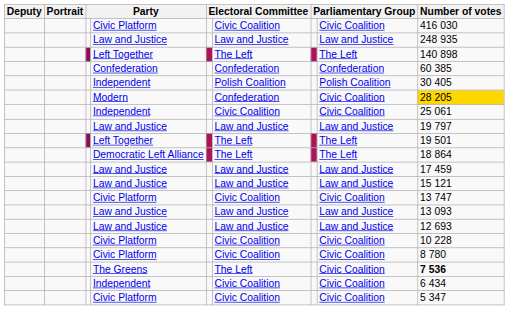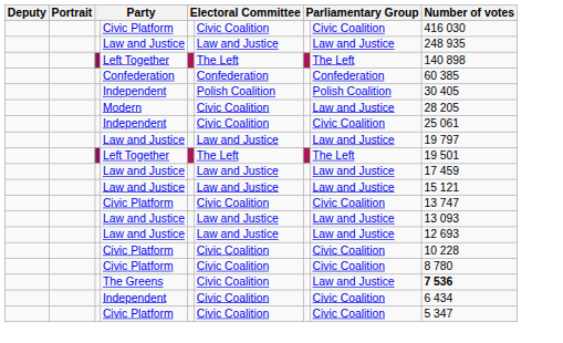 <table class="wikitable sortable" style="font-size:95%;line-height:14px;">
 <tr>
 <th>Deputy</th>
 <th>Portrait</th>
 <th colspan="2">Party</th>
 <th colspan="2">Electoral Committee</th>
 <th colspan="2">Parliamentary Group</th>
 <th>Number of votes</th>
 </tr>
 <tr>
 <td></td>
 <td></td>
 <td style="background:"></td>
 <td><a href='#'>Civic Platform</a></td>
 <td style="background:"></td>
 <td><a href='#'>Civic Coalition</a></td>
 <td style="background:"></td>
 <td><a href='#'>Civic Coalition</a></td>
 <td>416 030</td>
 </tr>
 <tr>
 <td></td>
 <td></td>
 <td style="background:"></td>
 <td><a href='#'>Law and Justice</a></td>
 <td style="background:"></td>
 <td><a href='#'>Law and Justice</a></td>
 <td style="background:"></td>
 <td><a href='#'>Law and Justice</a></td>
 <td>248 935</td>
 </tr>
 <tr>
 <td></td>
 <td></td>
 <td style="background:#870f57;"></td>
 <td><a href='#'>Left Together</a></td>
 <td style="background:#AC145A;"></td>
 <td><a href='#'>The Left</a></td>
 <td style="background:#AC145A;"></td>
 <td><a href='#'>The Left</a></td>
 <td>140 898</td>
 </tr>
 <tr>
 <td></td>
 <td></td>
 <td style="background:"></td>
 <td><a href='#'>Confederation</a></td>
 <td style="background:"></td>
 <td><a href='#'>Confederation</a></td>
 <td style="background:"></td>
 <td><a href='#'>Confederation</a></td>
 <td>60 385</td>
 </tr>
 <tr>
 <td></td>
 <td></td>
 <td style="background:"></td>
 <td><a href='#'>Independent</a></td>
 <td style="background:"></td>
 <td><a href='#'>Polish Coalition</a></td>
 <td style="background:"></td>
 <td><a href='#'>Polish Coalition</a></td>
 <td>30 405</td>
 </tr>
 <tr>
 <td></td>
 <td></td>
 <td style="background:"></td>
 <td><a href='#'>Modern</a></td>
 <td style="background:"></td>
-<td><a href='#'>Confederation</a></td>
+<td><a href='#'>Civic Coalition</a></td>
 <td style="background:"></td>
-<td><a href='#'>Civic Coalition</a></td>
-<td style="background: gold;">28 205</td>
+<td><a href='#'>Law and Justice</a></td>
+<td>28 205</td>
 </tr>
 <tr>
 <td></td>
 <td></td>
 <td style="background:"></td>
 <td><a href='#'>Independent</a></td>
 <td style="background:"></td>
 <td><a href='#'>Civic Coalition</a></td>
 <td style="background:"></td>
 <td><a href='#'>Civic Coalition</a></td>
 <td>25 061</td>
 </tr>
 <tr>
 <td></td>
 <td></td>
 <td style="background:"></td>
 <td><a href='#'>Law and Justice</a></td>
 <td style="background:"></td>
 <td><a href='#'>Law and Justice</a></td>
 <td style="background:"></td>
 <td><a href='#'>Law and Justice</a></td>
 <td>19 797</td>
 </tr>
 <tr>
 <td></td>
 <td></td>
 <td style="background:#870f57;"></td>
 <td><a href='#'>Left Together</a></td>
 <td style="background:#AC145A;"></td>
 <td><a href='#'>The Left</a></td>
 <td style="background:#AC145A;"></td>
 <td><a href='#'>The Left</a></td>
 <td>19 501</td>
-</tr>
-<tr>
-<td></td>
-<td></td>
-<td style="background:"></td>
-<td><a href='#'>Democratic Left Alliance</a></td>
-<td style="background:#AC145A;"></td>
-<td><a href='#'>The Left</a></td>
-<td style="background:#AC145A;"></td>
-<td><a href='#'>The Left</a></td>
-<td>18 864</td>
 </tr>
 <tr>
 <td></td>
 <td></td>
 <td style="background:"></td>
 <td><a href='#'>Law and Justice</a></td>
 <td style="background:"></td>
 <td><a href='#'>Law and Justice</a></td>
 <td style="background:"></td>
 <td><a href='#'>Law and Justice</a></td>
 <td>17 459</td>
 </tr>
 <tr>
 <td></td>
 <td></td>
 <td style="background:"></td>
 <td><a href='#'>Law and Justice</a></td>
 <td style="background:"></td>
 <td><a href='#'>Law and Justice</a></td>
 <td style="background:"></td>
 <td><a href='#'>Law and Justice</a></td>
 <td>15 121</td>
 </tr>
 <tr>
 <td></td>
 <td></td>
 <td style="background:"></td>
 <td><a href='#'>Civic Platform</a></td>
 <td style="background:"></td>
 <td><a href='#'>Civic Coalition</a></td>
 <td style="background:"></td>
 <td><a href='#'>Civic Coalition</a></td>
 <td>13 747</td>
 </tr>
 <tr>
 <td></td>
 <td></td>
 <td style="background:"></td>
 <td><a href='#'>Law and Justice</a></td>
 <td style="background:"></td>
 <td><a href='#'>Law and Justice</a></td>
 <td style="background:"></td>
 <td><a href='#'>Law and Justice</a></td>
 <td>13 093</td>
 </tr>
 <tr>
 <td></td>
 <td></td>
 <td style="background:"></td>
 <td><a href='#'>Law and Justice</a></td>
 <td style="background:"></td>
 <td><a href='#'>Law and Justice</a></td>
 <td style="background:"></td>
 <td><a href='#'>Law and Justice</a></td>
 <td>12 693</td>
 </tr>
 <tr>
 <td></td>
 <td></td>
 <td style="background:"></td>
 <td><a href='#'>Civic Platform</a></td>
 <td style="background:"></td>
 <td><a href='#'>Civic Coalition</a></td>
 <td style="background:"></td>
 <td><a href='#'>Civic Coalition</a></td>
 <td>10 228</td>
 </tr>
 <tr>
 <td></td>
 <td></td>
 <td style="background:"></td>
 <td><a href='#'>Civic Platform</a></td>
 <td style="background:"></td>
 <td><a href='#'>Civic Coalition</a></td>
 <td style="background:"></td>
 <td><a href='#'>Civic Coalition</a></td>
 <td>8 780</td>
 </tr>
 <tr>
 <td></td>
 <td></td>
 <td style="background:"></td>
 <td><a href='#'>The Greens</a></td>
 <td style="background:"></td>
-<td><a href='#'>The Left</a></td>
+<td><a href='#'>Civic Coalition</a></td>
 <td style="background:"></td>
-<td><a href='#'>Civic Coalition</a></td>
+<td><a href='#'>Law and Justice</a></td>
 <td><strong>7 536</strong></td>
 </tr>
 <tr>
 <td></td>
 <td></td>
 <td style="background:"></td>
 <td><a href='#'>Independent</a></td>
 <td style="background:"></td>
 <td><a href='#'>Civic Coalition</a></td>
 <td style="background:"></td>
 <td><a href='#'>Civic Coalition</a></td>
 <td>6 434</td>
 </tr>
 <tr>
 <td></td>
 <td></td>
 <td style="background:"></td>
 <td><a href='#'>Civic Platform</a></td>
 <td style="background:"></td>
 <td><a href='#'>Civic Coalition</a></td>
 <td style="background:"></td>
 <td><a href='#'>Civic Coalition</a></td>
 <td>5 347</td>
 </tr>
 </table>
